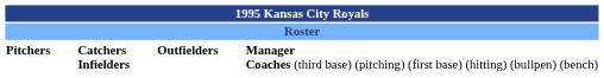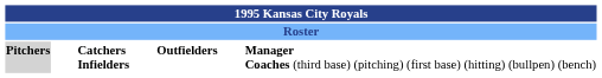 <table class="toccolours" style="font-size: 95%;">
 <tr>
 <th colspan="10" style="background-color: #27408B; color: white; text-align: center;">1995 Kansas City Royals</th>
 </tr>
 <tr>
 <td colspan="10" style="background-color: #74B4FA; color: #27408B; text-align: center;"><strong>Roster</strong></td>
 </tr>
 <tr>
-<td valign="top"><strong>Pitchers</strong><br>                     </td>
+<td valign="top" style="background: lightgrey;"><strong>Pitchers</strong><br>                     </td>
 <td width="25px"></td>
 <td valign="top"><strong>Catchers</strong><br>    <strong>Infielders</strong>              </td>
 <td width="25px"></td>
 <td valign="top"><strong>Outfielders</strong><br>           </td>
 <td width="25px"></td>
 <td valign="top"><strong>Manager</strong><br> <strong>Coaches</strong>  (third base)  (pitching)  (first base)  (hitting)  (bullpen)  (bench)</td>
 </tr>
 </table>
